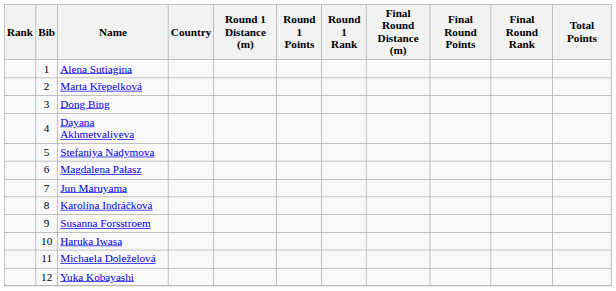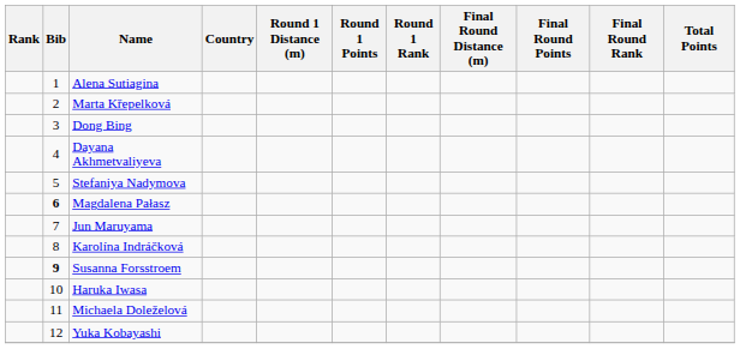 <table class="wikitable sortable" style="text-align:center">
 <tr>
 <th>Rank</th>
 <th>Bib</th>
 <th>Name</th>
 <th>Country</th>
 <th>Round 1<br>Distance (m)</th>
 <th>Round 1<br>Points</th>
 <th>Round 1<br>Rank</th>
 <th>Final Round <br>Distance (m)</th>
 <th>Final Round <br>Points</th>
 <th>Final Round<br> Rank</th>
 <th>Total Points</th>
 </tr>
 <tr>
 <td></td>
 <td>1</td>
 <td align=left><a href='#'>Alena Sutiagina</a></td>
 <td align=left></td>
 <td></td>
 <td></td>
 <td></td>
 <td></td>
 <td></td>
 <td></td>
 <td></td>
 </tr>
 <tr>
 <td></td>
 <td>2</td>
 <td align=left><a href='#'>Marta Křepelková</a></td>
 <td align=left></td>
 <td></td>
 <td></td>
 <td></td>
 <td></td>
 <td></td>
 <td></td>
 <td></td>
 </tr>
 <tr>
 <td></td>
 <td>3</td>
 <td align=left><a href='#'>Dong Bing</a></td>
 <td align=left></td>
 <td></td>
 <td></td>
 <td></td>
 <td></td>
 <td></td>
 <td></td>
 <td></td>
 </tr>
 <tr>
 <td></td>
 <td>4</td>
 <td align=left><a href='#'>Dayana Akhmetvaliyeva</a></td>
 <td align=left></td>
 <td></td>
 <td></td>
 <td></td>
 <td></td>
 <td></td>
 <td></td>
 <td></td>
 </tr>
 <tr>
 <td></td>
 <td>5</td>
 <td align=left><a href='#'>Stefaniya Nadymova</a></td>
 <td align=left></td>
 <td></td>
 <td></td>
 <td></td>
 <td></td>
 <td></td>
 <td></td>
 <td></td>
 </tr>
 <tr>
 <td></td>
-<td>6</td>
+<td><strong>6</strong></td>
 <td align=left><a href='#'>Magdalena Pałasz</a></td>
 <td align=left></td>
 <td></td>
 <td></td>
 <td></td>
 <td></td>
 <td></td>
 <td></td>
 <td></td>
 </tr>
 <tr>
 <td></td>
 <td>7</td>
 <td align=left><a href='#'>Jun Maruyama</a></td>
 <td align=left></td>
 <td></td>
 <td></td>
 <td></td>
 <td></td>
 <td></td>
 <td></td>
 <td></td>
 </tr>
 <tr>
 <td></td>
 <td>8</td>
 <td align=left><a href='#'>Karolína Indráčková</a></td>
 <td align=left></td>
 <td></td>
 <td></td>
 <td></td>
 <td></td>
 <td></td>
 <td></td>
 <td></td>
 </tr>
 <tr>
 <td></td>
-<td>9</td>
+<td><strong>9</strong></td>
 <td align=left><a href='#'>Susanna Forsstroem</a></td>
 <td align=left></td>
 <td></td>
 <td></td>
 <td></td>
 <td></td>
 <td></td>
 <td></td>
 <td></td>
 </tr>
 <tr>
 <td></td>
 <td>10</td>
 <td align=left><a href='#'>Haruka Iwasa</a></td>
 <td align=left></td>
 <td></td>
 <td></td>
 <td></td>
 <td></td>
 <td></td>
 <td></td>
 <td></td>
 </tr>
 <tr>
 <td></td>
 <td>11</td>
 <td align=left><a href='#'>Michaela Doleželová</a></td>
 <td align=left></td>
 <td></td>
 <td></td>
 <td></td>
 <td></td>
 <td></td>
 <td></td>
 <td></td>
 </tr>
 <tr>
 <td></td>
 <td>12</td>
 <td align=left><a href='#'>Yuka Kobayashi</a></td>
 <td align=left></td>
 <td></td>
 <td></td>
 <td></td>
 <td></td>
 <td></td>
 <td></td>
 <td></td>
 </tr>
 <tr>
 </tr>
 </table>
